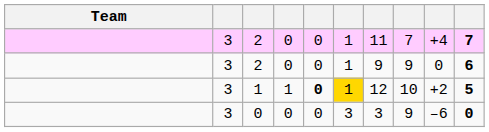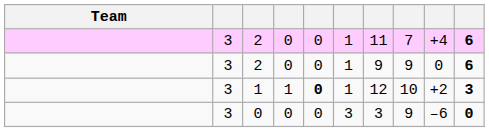 <table class="wikitable" style="text-align: center;">
 <tr>
 <th style="width:175px;">Team</th>
 <th width="20"></th>
 <th width="20"></th>
 <th width="20"></th>
 <th width="20"></th>
 <th width="20"></th>
 <th width="20"></th>
 <th width="20"></th>
 <th width="20"></th>
 <th width="20"></th>
 </tr>
 <tr style="background:#ffccff;">
 <td align=left></td>
 <td>3</td>
 <td>2</td>
 <td>0</td>
 <td>0</td>
 <td>1</td>
 <td>11</td>
 <td>7</td>
 <td>+4</td>
-<td><strong>7</strong></td>
+<td><strong>6</strong></td>
 </tr>
 <tr>
 <td align=left></td>
 <td>3</td>
 <td>2</td>
 <td>0</td>
 <td>0</td>
 <td>1</td>
 <td>9</td>
 <td>9</td>
 <td>0</td>
 <td><strong>6</strong></td>
 </tr>
 <tr>
 <td align=left></td>
 <td>3</td>
 <td>1</td>
 <td>1</td>
 <td><strong>0</strong></td>
-<td style="background: gold;">1</td>
+<td>1</td>
 <td>12</td>
 <td>10</td>
 <td>+2</td>
-<td><strong>5</strong></td>
+<td><strong>3</strong></td>
 </tr>
 <tr>
 <td align=left></td>
 <td>3</td>
 <td>0</td>
 <td>0</td>
 <td>0</td>
 <td>3</td>
 <td>3</td>
 <td>9</td>
 <td>–6</td>
 <td><strong>0</strong></td>
 </tr>
 </table>
